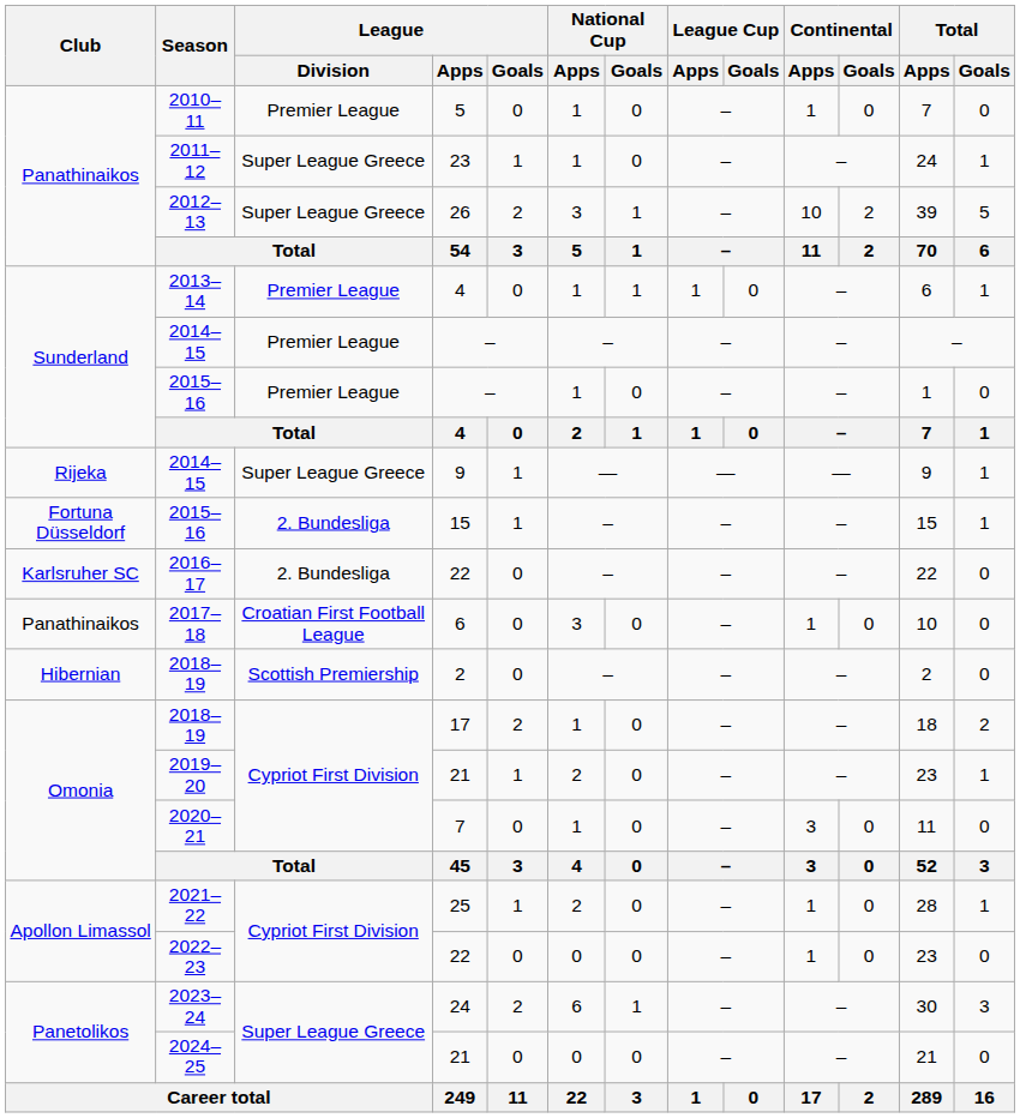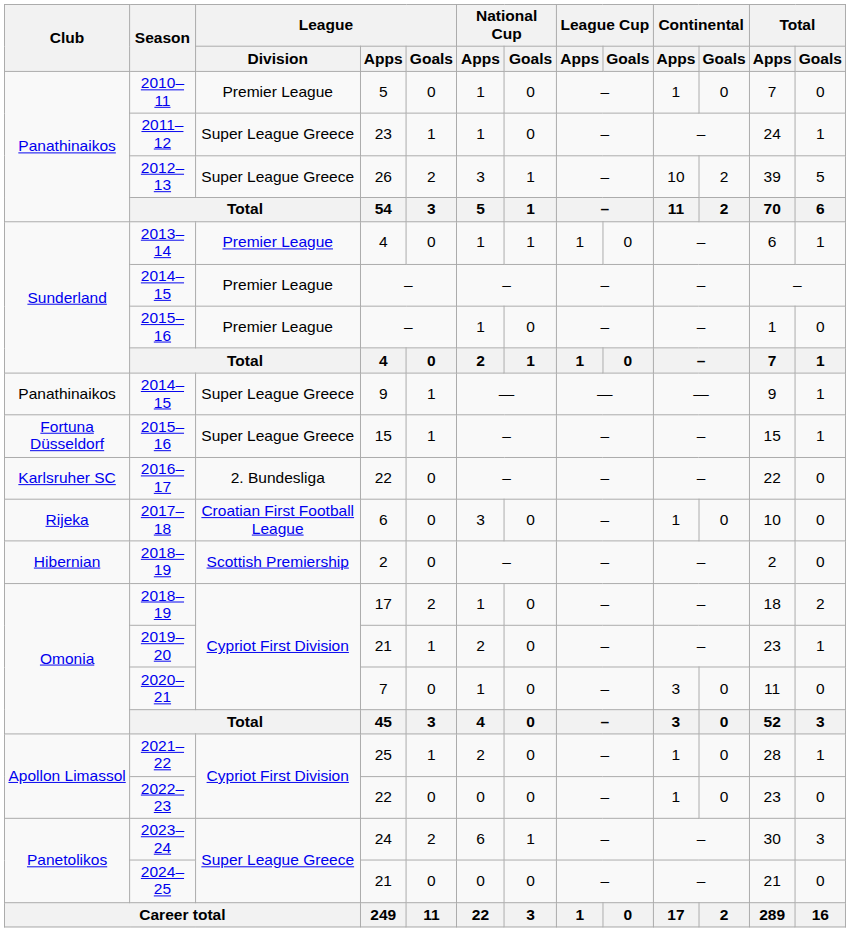 <table class="wikitable" style="text-align:center">
 <tr>
 <th rowspan=2>Club</th>
 <th rowspan=2>Season</th>
 <th colspan="3">League</th>
 <th colspan=2>National Cup</th>
 <th colspan=2>League Cup</th>
 <th colspan=2>Continental</th>
 <th colspan=2>Total</th>
 </tr>
 <tr>
 <th>Division</th>
 <th>Apps</th>
 <th>Goals</th>
 <th>Apps</th>
 <th>Goals</th>
 <th>Apps</th>
 <th>Goals</th>
 <th>Apps</th>
 <th>Goals</th>
 <th>Apps</th>
 <th>Goals</th>
 </tr>
 <tr>
 <td rowspan=4 valign="center"><a href='#'>Panathinaikos</a></td>
 <td><a href='#'>2010–11</a></td>
 <td>Premier League</td>
 <td>5</td>
 <td>0</td>
 <td>1</td>
 <td>0</td>
 <td colspan="2">–</td>
 <td>1</td>
 <td>0</td>
 <td>7</td>
 <td>0</td>
 </tr>
 <tr>
 <td><a href='#'>2011–12</a></td>
 <td>Super League Greece</td>
 <td>23</td>
 <td>1</td>
 <td>1</td>
 <td>0</td>
 <td colspan="2">–</td>
 <td colspan="2">–</td>
 <td>24</td>
 <td>1</td>
 </tr>
 <tr>
 <td><a href='#'>2012–13</a></td>
 <td>Super League Greece</td>
 <td>26</td>
 <td>2</td>
 <td>3</td>
 <td>1</td>
 <td colspan="2">–</td>
 <td>10</td>
 <td>2</td>
 <td>39</td>
 <td>5</td>
 </tr>
 <tr>
 <th colspan="2">Total</th>
 <th>54</th>
 <th>3</th>
 <th>5</th>
 <th>1</th>
 <th colspan="2">–</th>
 <th>11</th>
 <th>2</th>
 <th>70</th>
 <th>6</th>
 </tr>
 <tr>
 <td rowspan=4 valign="center"><a href='#'>Sunderland</a></td>
 <td><a href='#'>2013–14</a></td>
 <td><a href='#'>Premier League</a></td>
 <td>4</td>
 <td>0</td>
 <td>1</td>
 <td>1</td>
 <td>1</td>
 <td>0</td>
 <td colspan="2">–</td>
 <td>6</td>
 <td>1</td>
 </tr>
 <tr>
 <td><a href='#'>2014–15</a></td>
 <td>Premier League</td>
 <td colspan="2">–</td>
 <td colspan="2">–</td>
 <td colspan="2">–</td>
 <td colspan="2">–</td>
 <td colspan="2">–</td>
 </tr>
 <tr>
 <td><a href='#'>2015–16</a></td>
 <td>Premier League</td>
 <td colspan="2">–</td>
 <td>1</td>
 <td>0</td>
 <td colspan="2">–</td>
 <td colspan="2">–</td>
 <td>1</td>
 <td>0</td>
 </tr>
 <tr>
 <th colspan="2">Total</th>
 <th>4</th>
 <th>0</th>
 <th>2</th>
 <th>1</th>
 <th>1</th>
 <th>0</th>
 <th colspan="2">–</th>
 <th>7</th>
 <th>1</th>
 </tr>
 <tr>
-<td valign="center"><a href='#'>Rijeka</a></td>
+<td valign="center">Panathinaikos</td>
 <td><a href='#'>2014–15</a></td>
 <td>Super League Greece</td>
 <td>9</td>
 <td>1</td>
 <td colspan=2>—</td>
 <td colspan=2>—</td>
 <td colspan=2>—</td>
 <td>9</td>
 <td>1</td>
 </tr>
 <tr>
 <td valign="center"><a href='#'>Fortuna Düsseldorf</a></td>
 <td><a href='#'>2015–16</a></td>
-<td><a href='#'>2. Bundesliga</a></td>
+<td>Super League Greece</td>
 <td>15</td>
 <td>1</td>
 <td colspan="2">–</td>
 <td colspan="2">–</td>
 <td colspan="2">–</td>
 <td>15</td>
 <td>1</td>
 </tr>
 <tr>
 <td valign="center"><a href='#'>Karlsruher SC</a></td>
 <td><a href='#'>2016–17</a></td>
 <td>2. Bundesliga</td>
 <td>22</td>
 <td>0</td>
 <td colspan="2">–</td>
 <td colspan="2">–</td>
 <td colspan="2">–</td>
 <td>22</td>
 <td>0</td>
 </tr>
 <tr>
-<td valign="center">Panathinaikos</td>
+<td valign="center"><a href='#'>Rijeka</a></td>
 <td><a href='#'>2017–18</a></td>
 <td><a href='#'>Croatian First Football League</a></td>
 <td>6</td>
 <td>0</td>
 <td>3</td>
 <td>0</td>
 <td colspan="2">–</td>
 <td>1</td>
 <td>0</td>
 <td>10</td>
 <td>0</td>
 </tr>
 <tr>
 <td valign="center"><a href='#'>Hibernian</a></td>
 <td><a href='#'>2018–19</a></td>
 <td><a href='#'>Scottish Premiership</a></td>
 <td>2</td>
 <td>0</td>
 <td colspan="2">–</td>
 <td colspan="2">–</td>
 <td colspan="2">–</td>
 <td>2</td>
 <td>0</td>
 </tr>
 <tr>
 <td rowspan=4 valign="center"><a href='#'>Omonia</a></td>
 <td><a href='#'>2018–19</a></td>
 <td rowspan=3 valign="center"><a href='#'>Cypriot First Division</a></td>
 <td>17</td>
 <td>2</td>
 <td>1</td>
 <td>0</td>
 <td colspan="2">–</td>
 <td colspan="2">–</td>
 <td>18</td>
 <td>2</td>
 </tr>
 <tr>
 <td><a href='#'>2019–20</a></td>
 <td>21</td>
 <td>1</td>
 <td>2</td>
 <td>0</td>
 <td colspan="2">–</td>
 <td colspan="2">–</td>
 <td>23</td>
 <td>1</td>
 </tr>
 <tr>
 <td><a href='#'>2020–21</a></td>
 <td>7</td>
 <td>0</td>
 <td>1</td>
 <td>0</td>
 <td colspan="2">–</td>
 <td>3</td>
 <td>0</td>
 <td>11</td>
 <td>0</td>
 </tr>
 <tr>
 <th colspan="2">Total</th>
 <th>45</th>
 <th>3</th>
 <th>4</th>
 <th>0</th>
 <th colspan="2">–</th>
 <th>3</th>
 <th>0</th>
 <th>52</th>
 <th>3</th>
 </tr>
 <tr>
 <td rowspan=2 valign="center"><a href='#'>Apollon Limassol</a></td>
 <td><a href='#'>2021–22</a></td>
 <td rowspan=2 valign="center"><a href='#'>Cypriot First Division</a></td>
 <td>25</td>
 <td>1</td>
 <td>2</td>
 <td>0</td>
 <td colspan="2">–</td>
 <td>1</td>
 <td>0</td>
 <td>28</td>
 <td>1</td>
 </tr>
 <tr>
 <td><a href='#'>2022–23</a></td>
 <td>22</td>
 <td>0</td>
 <td>0</td>
 <td>0</td>
 <td colspan="2">–</td>
 <td>1</td>
 <td>0</td>
 <td>23</td>
 <td>0</td>
 </tr>
 <tr>
 <td rowspan=2 valign="center"><a href='#'>Panetolikos</a></td>
 <td><a href='#'>2023–24</a></td>
 <td rowspan=2 valign="center"><a href='#'>Super League Greece</a></td>
 <td>24</td>
 <td>2</td>
 <td>6</td>
 <td>1</td>
 <td colspan="2">–</td>
 <td colspan="2">–</td>
 <td>30</td>
 <td>3</td>
 </tr>
 <tr>
 <td><a href='#'>2024–25</a></td>
 <td>21</td>
 <td>0</td>
 <td>0</td>
 <td>0</td>
 <td colspan="2">–</td>
 <td colspan="2">–</td>
 <td>21</td>
 <td>0</td>
 </tr>
 <tr>
 <th colspan="3">Career total</th>
 <th>249</th>
 <th>11</th>
 <th>22</th>
 <th>3</th>
 <th>1</th>
 <th>0</th>
 <th>17</th>
 <th>2</th>
 <th>289</th>
 <th>16</th>
 </tr>
 </table>
